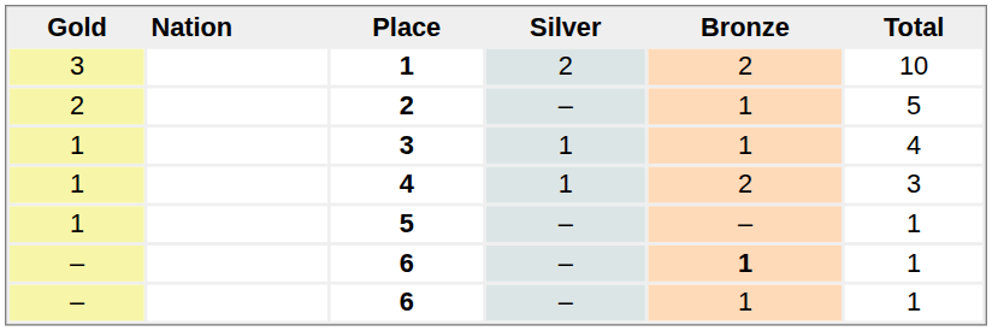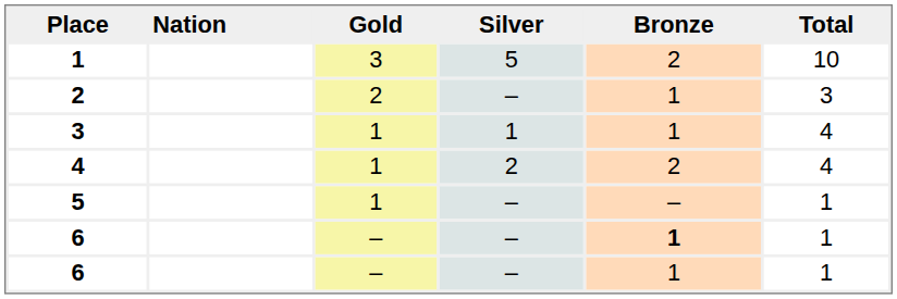 <table style="border-style:solid;border-width:1px;border-color:#808080;background-color:#EFEFEF" cellspacing="2" cellpadding="2" width="600px">
 <tr bgcolor="#EFEFEF">
+<th align="center">Place</th>
+<th align="left">Nation</th>
 <th align="center">Gold</th>
-<th align="left">Nation</th>
-<th align="center">Place</th>
 <th align="center">Silver</th>
 <th align="center">Bronze</th>
 <th align="center">Total</th>
 </tr>
 <tr align="center" valign="top" bgcolor="#FFFFFF">
+<th>1</th>
+<td align="left"></td>
 <td style="background:#F7F6A8;">3</td>
-<td align="left"></td>
-<th>1</th>
-<td style="background:#DCE5E5;">2</td>
+<td style="background:#DCE5E5;">5</td>
 <td style="background:#FFDAB9;">2</td>
 <td>10</td>
 </tr>
 <tr align="center" valign="top" bgcolor="#FFFFFF">
+<th>2</th>
+<td align="left"></td>
 <td style="background:#F7F6A8;">2</td>
-<td align="left"></td>
-<th>2</th>
 <td style="background:#DCE5E5;">–</td>
 <td style="background:#FFDAB9;">1</td>
-<td>5</td>
+<td>3</td>
 </tr>
 <tr align="center" valign="top" bgcolor="#FFFFFF">
+<th>3</th>
+<td align="left"></td>
 <td style="background:#F7F6A8;">1</td>
-<td align="left"></td>
-<th>3</th>
 <td style="background:#DCE5E5;">1</td>
 <td style="background:#FFDAB9;">1</td>
 <td>4</td>
 </tr>
 <tr align="center" valign="top" bgcolor="#FFFFFF">
+<th>4</th>
+<td align="left"></td>
 <td style="background:#F7F6A8;">1</td>
-<td align="left"></td>
-<th>4</th>
-<td style="background:#DCE5E5;">1</td>
+<td style="background:#DCE5E5;">2</td>
 <td style="background:#FFDAB9;">2</td>
-<td>3</td>
+<td>4</td>
 </tr>
 <tr align="center" valign="top" bgcolor="#FFFFFF">
+<th>5</th>
+<td align="left"></td>
 <td style="background:#F7F6A8;">1</td>
-<td align="left"></td>
-<th>5</th>
 <td style="background:#DCE5E5;">–</td>
 <td style="background:#FFDAB9;">–</td>
 <td>1</td>
 </tr>
 <tr align="center" valign="top" bgcolor="#FFFFFF">
+<th>6</th>
+<td align="left"></td>
 <td style="background:#F7F6A8;">–</td>
-<td align="left"></td>
-<th>6</th>
 <td style="background:#DCE5E5;">–</td>
 <td style="background:#FFDAB9;"><strong>1</strong></td>
 <td>1</td>
 </tr>
 <tr align="center" valign="top" bgcolor="#FFFFFF">
+<th>6</th>
+<td align="left"></td>
 <td style="background:#F7F6A8;">–</td>
-<td align="left"></td>
-<th>6</th>
 <td style="background:#DCE5E5;">–</td>
 <td style="background:#FFDAB9;">1</td>
 <td>1</td>
 </tr>
 </table>
